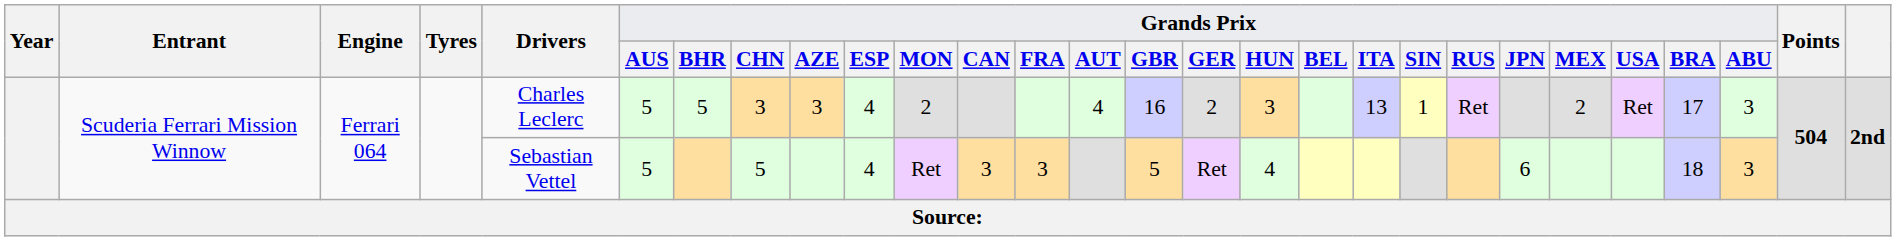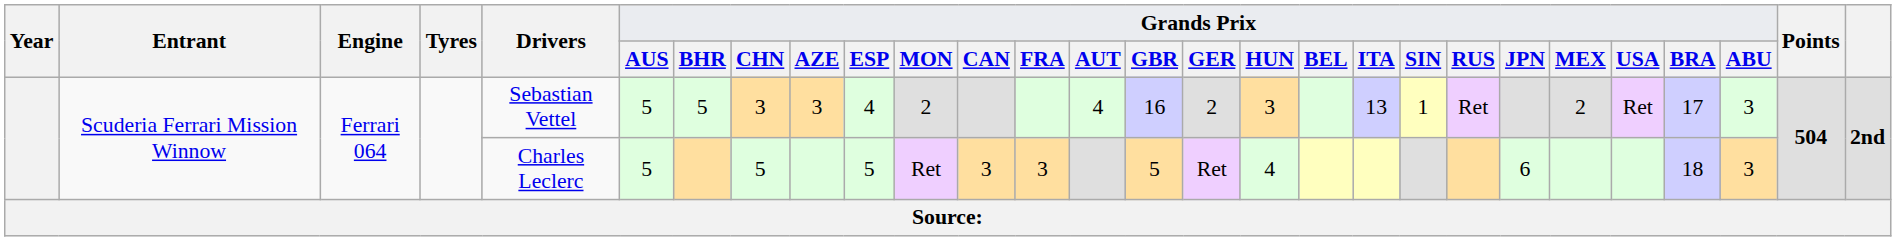 <table class="wikitable" style="text-align:center; font-size:90%">
 <tr>
 <th rowspan="2">Year</th>
 <th rowspan="2">Entrant</th>
 <th rowspan="2">Engine</th>
 <th rowspan="2">Tyres</th>
 <th rowspan="2">Drivers</th>
 <td colspan="21" style="background:#eaecf0; text-align:center;"><strong>Grands Prix</strong></td>
 <th rowspan="2">Points</th>
 <th rowspan="2"></th>
 </tr>
 <tr>
 <th><a href='#'>AUS</a></th>
 <th><a href='#'>BHR</a></th>
 <th><a href='#'>CHN</a></th>
 <th><a href='#'>AZE</a></th>
 <th><a href='#'>ESP</a></th>
 <th><a href='#'>MON</a></th>
 <th><a href='#'>CAN</a></th>
 <th><a href='#'>FRA</a></th>
 <th><a href='#'>AUT</a></th>
 <th><a href='#'>GBR</a></th>
 <th><a href='#'>GER</a></th>
 <th><a href='#'>HUN</a></th>
 <th><a href='#'>BEL</a></th>
 <th><a href='#'>ITA</a></th>
 <th><a href='#'>SIN</a></th>
 <th><a href='#'>RUS</a></th>
 <th><a href='#'>JPN</a></th>
 <th><a href='#'>MEX</a></th>
 <th><a href='#'>USA</a></th>
 <th><a href='#'>BRA</a></th>
 <th><a href='#'>ABU</a></th>
 </tr>
 <tr>
 <th rowspan="2"></th>
 <td rowspan="2"><a href='#'>Scuderia Ferrari Mission Winnow</a> </td>
 <td rowspan="2"><a href='#'>Ferrari 064</a></td>
 <td rowspan="2"></td>
-<td><a href='#'>Charles Leclerc</a></td>
+<td><a href='#'>Sebastian Vettel</a></td>
 <td style="background:#DFFFDF;">5</td>
 <td style="background:#DFFFDF;">5</td>
 <td style="background:#ffdf9f;">3</td>
 <td style="background:#ffdf9f;">3</td>
 <td style="background:#DFFFDF;">4</td>
 <td style="background:#dfdfdf;">2</td>
 <td style="background:#dfdfdf;"></td>
 <td style="background:#DFFFDF;"></td>
 <td style="background:#DFFFDF;">4</td>
 <td style="background:#cfcfff;">16</td>
 <td style="background:#dfdfdf;">2</td>
 <td style="background:#ffdf9f;">3</td>
 <td style="background:#DFFFDF;"></td>
 <td style="background:#cfcfff;">13</td>
 <td style="background:#ffffbf">1</td>
 <td style="background:#efcfff;">Ret</td>
 <td style="background:#dfdfdf;"></td>
 <td style="background:#dfdfdf;">2</td>
 <td style="background:#efcfff;">Ret</td>
 <td style="background:#cfcfff;">17</td>
 <td style="background:#DFFFDF;">3</td>
 <th rowspan="2" style="background-color:#dfdfdf">504</th>
 <th rowspan="2" style="background-color:#dfdfdf">2nd</th>
 </tr>
 <tr>
-<td><a href='#'>Sebastian Vettel</a></td>
+<td><a href='#'>Charles Leclerc</a></td>
 <td style="background:#DFFFDF;">5</td>
 <td style="background:#ffdf9f;"></td>
 <td style="background:#DFFFDF;">5</td>
 <td style="background:#DFFFDF;"></td>
-<td style="background:#DFFFDF;">4</td>
+<td style="background:#DFFFDF;">5</td>
 <td style="background:#efcfff;">Ret</td>
 <td style="background:#ffdf9f;">3</td>
 <td style="background:#ffdf9f;">3</td>
 <td style="background-color:#dfdfdf;"></td>
 <td style="background:#ffdf9f;">5</td>
 <td style="background:#efcfff;">Ret</td>
 <td style="background:#DFFFDF;">4</td>
 <td style="background:#ffffbf"></td>
 <td style="background:#ffffbf"></td>
 <td style="background-color:#dfdfdf;"></td>
 <td style="background:#ffdf9f;"></td>
 <td style="background:#DFFFDF;">6</td>
 <td style="background:#DFFFDF;"></td>
 <td style="background:#DFFFDF;"></td>
 <td style="background:#cfcfff;">18</td>
 <td style="background:#ffdf9f;">3</td>
 </tr>
 <tr>
 <th colspan="28">Source:</th>
 </tr>
 </table>
